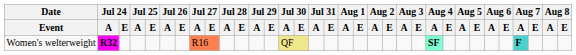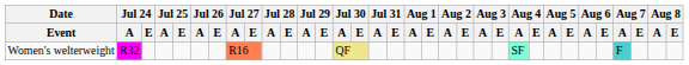 <table class="wikitable olympic-schedule Boxing">
 <tr>
 <th>Date</th>
 <th colspan="2">Jul 24</th>
 <th colspan="2">Jul 25</th>
 <th colspan="2">Jul 26</th>
 <th colspan="2">Jul 27</th>
 <th colspan="2">Jul 28</th>
 <th colspan="2">Jul 29</th>
 <th colspan="2">Jul 30</th>
 <th colspan="2">Jul 31</th>
 <th colspan="2">Aug 1</th>
 <th colspan="2">Aug 2</th>
 <th colspan="2">Aug 3</th>
 <th colspan="2">Aug 4</th>
 <th colspan="2">Aug 5</th>
 <th colspan="2">Aug 6</th>
 <th colspan="2">Aug 7</th>
 <th colspan="2">Aug 8</th>
 </tr>
 <tr>
 <th>Event</th>
 <th>A</th>
 <th>E</th>
 <th>A</th>
 <th>E</th>
 <th>A</th>
 <th>E</th>
 <th>A</th>
 <th>E</th>
 <th>A</th>
 <th>E</th>
 <th>A</th>
 <th>E</th>
 <th>A</th>
 <th>E</th>
 <th>A</th>
 <th>E</th>
 <th>A</th>
 <th>E</th>
 <th>A</th>
 <th>E</th>
 <th>A</th>
 <th>E</th>
 <th>A</th>
 <th>E</th>
 <th>A</th>
 <th>E</th>
 <th>A</th>
 <th>E</th>
 <th>A</th>
 <th>E</th>
 <th>A</th>
 <th>E</th>
 </tr>
 <tr>
 <td class="event">Women's welterweight</td>
-<td bgcolor="#FF00FF" class="roundof32"><strong>R32</strong></td>
+<td bgcolor="#FF00FF" class="roundof32">R32</td>
 <td></td>
 <td></td>
 <td></td>
 <td></td>
 <td></td>
 <td colspan="2" bgcolor="#FF7F50" class="roundof16">R16</td>
 <td></td>
 <td></td>
 <td></td>
 <td></td>
 <td colspan="2" bgcolor="#F0E68C" class="quarterfinals">QF</td>
 <td></td>
 <td></td>
 <td></td>
 <td></td>
 <td></td>
 <td></td>
 <td></td>
 <td></td>
-<td bgcolor="#7FFFD4" class="semifinals"><strong>SF</strong></td>
+<td bgcolor="#7FFFD4" class="semifinals">SF</td>
 <td></td>
 <td></td>
 <td></td>
 <td></td>
 <td></td>
-<td bgcolor="#48D1CC" class="final"><strong>F</strong></td>
+<td bgcolor="#48D1CC" class="final">F</td>
 <td></td>
 <td></td>
 <td></td>
 </tr>
 </table>
